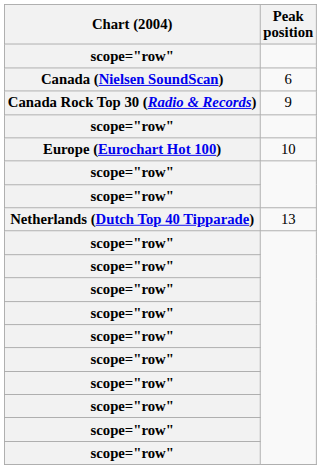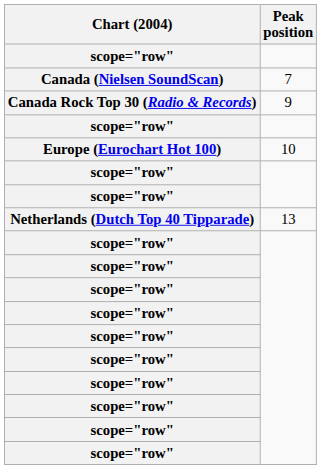 <table class="wikitable sortable plainrowheaders" style="text-align:center">
 <tr>
 <th scope="col">Chart (2004)</th>
 <th scope="col">Peak<br>position</th>
 </tr>
 <tr>
 <th>scope="row"</th>
 </tr>
 <tr>
 <th scope="row">Canada (<a href='#'>Nielsen SoundScan</a>)</th>
-<td>6</td>
+<td>7</td>
 </tr>
 <tr>
 <th scope="row">Canada Rock Top 30 (<em><a href='#'>Radio & Records</a></em>)</th>
 <td>9</td>
 </tr>
 <tr>
 <th>scope="row"</th>
 </tr>
 <tr>
 <th scope="row">Europe (<a href='#'>Eurochart Hot 100</a>)</th>
 <td>10</td>
 </tr>
 <tr>
 <th>scope="row"</th>
 </tr>
 <tr>
 <th>scope="row"</th>
 </tr>
 <tr>
 <th scope="row">Netherlands (<a href='#'>Dutch Top 40 Tipparade</a>)</th>
 <td>13</td>
 </tr>
 <tr>
 <th>scope="row"</th>
 </tr>
 <tr>
 <th>scope="row"</th>
 </tr>
 <tr>
 <th>scope="row"</th>
 </tr>
 <tr>
 <th>scope="row"</th>
 </tr>
 <tr>
 <th>scope="row"</th>
 </tr>
 <tr>
 <th>scope="row"</th>
 </tr>
 <tr>
 <th>scope="row"</th>
 </tr>
 <tr>
 <th>scope="row"</th>
 </tr>
 <tr>
 <th>scope="row"</th>
 </tr>
 <tr>
 <th>scope="row"</th>
 </tr>
 </table>
